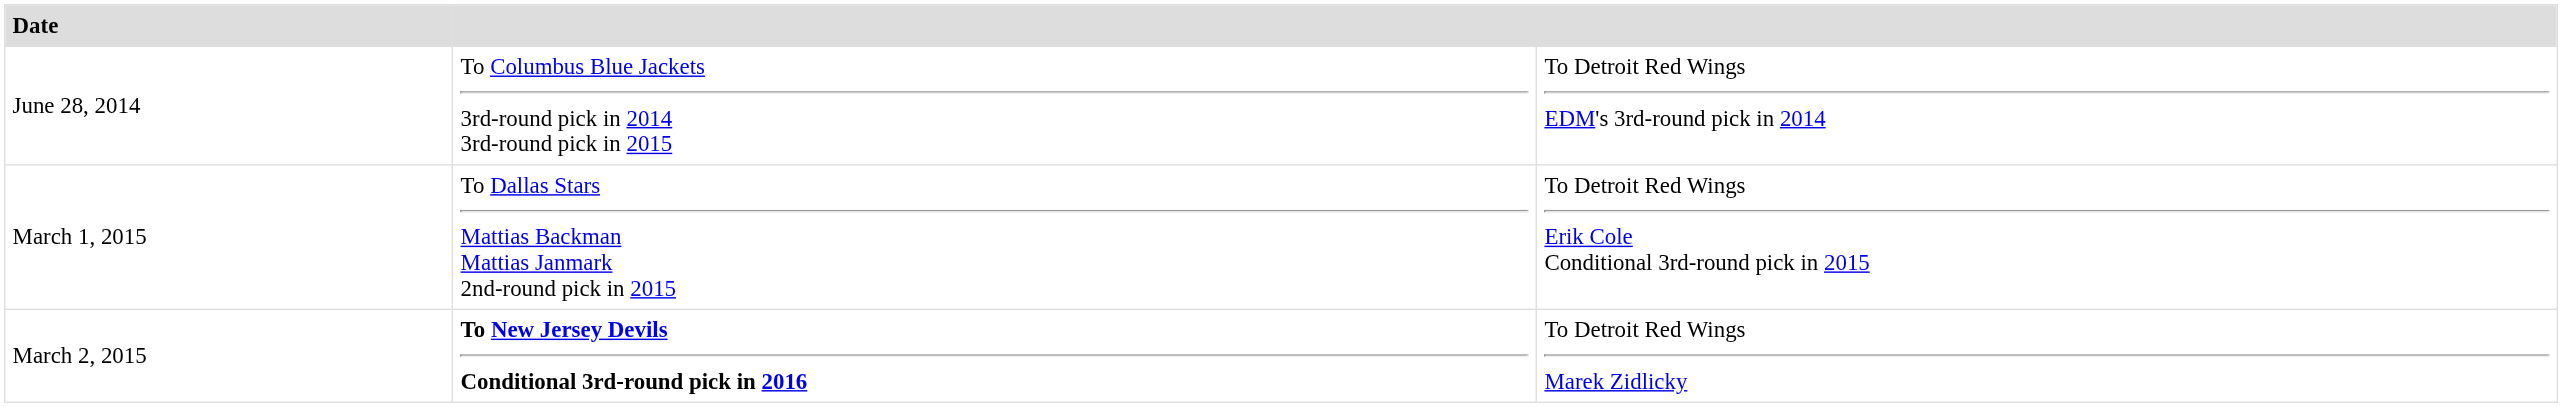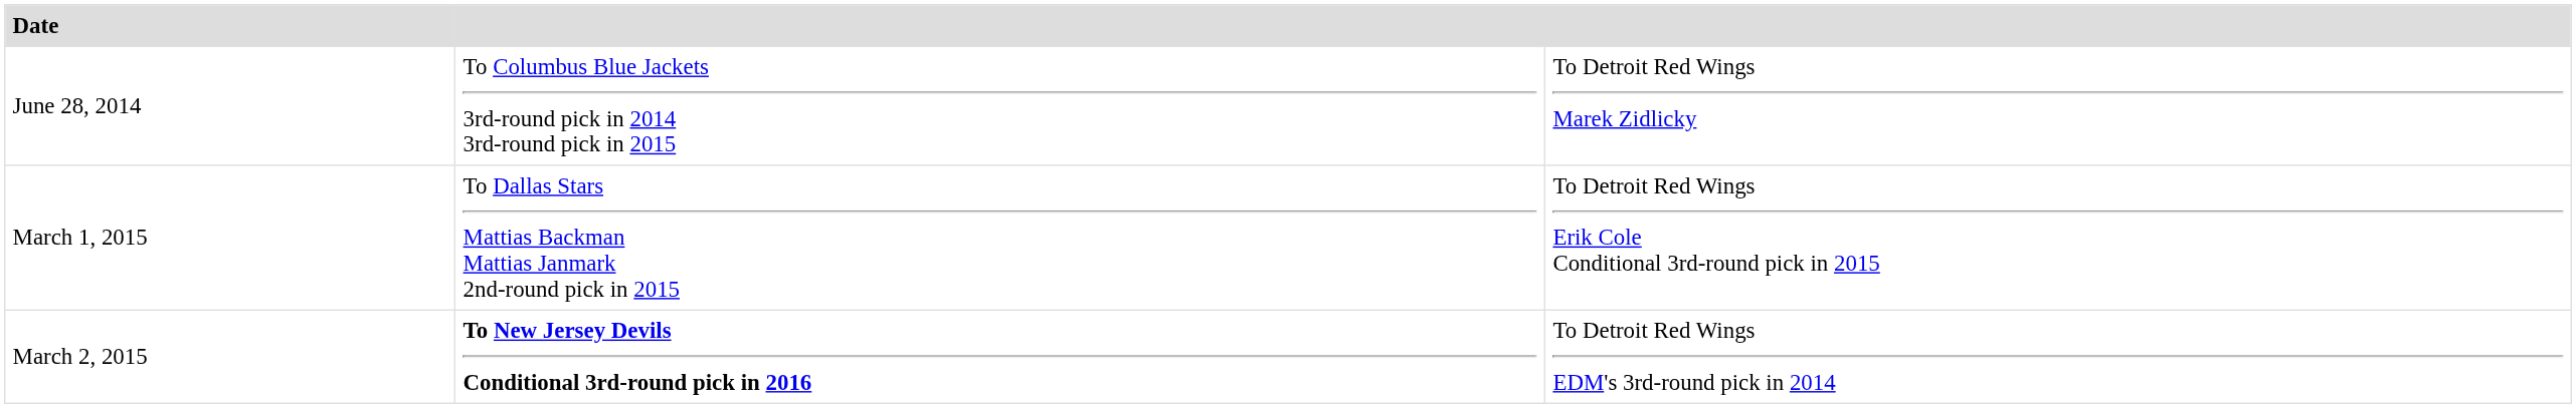 <table border=1 style="border-collapse:collapse" bordercolor="#DFDFDF" cellpadding="5" width=90%>
 <tr bgcolor="#dddddd">
 <td><strong>Date</strong></td>
 <th colspan="2"></th>
 </tr>
 <tr>
 <td>June 28, 2014</td>
 <td valign="top">To <a href='#'>Columbus Blue Jackets</a> <hr>3rd-round pick in <a href='#'>2014</a><br>3rd-round pick in <a href='#'>2015</a></td>
-<td valign="top">To Detroit Red Wings <hr><a href='#'>EDM</a>'s 3rd-round pick in <a href='#'>2014</a></td>
+<td valign="top">To Detroit Red Wings <hr><a href='#'>Marek Zidlicky</a></td>
 </tr>
 <tr>
 <td>March 1, 2015</td>
 <td valign="top">To <a href='#'>Dallas Stars</a> <hr><a href='#'>Mattias Backman</a><br><a href='#'>Mattias Janmark</a><br>2nd-round pick in <a href='#'>2015</a></td>
 <td valign="top">To Detroit Red Wings <hr><a href='#'>Erik Cole</a><br>Conditional 3rd-round pick in <a href='#'>2015</a></td>
 </tr>
 <tr>
 <td>March 2, 2015</td>
 <td valign="top"><strong>To <a href='#'>New Jersey Devils</a> <hr>Conditional 3rd-round pick in <a href='#'>2016</a></strong></td>
-<td valign="top">To Detroit Red Wings <hr><a href='#'>Marek Zidlicky</a></td>
+<td valign="top">To Detroit Red Wings <hr><a href='#'>EDM</a>'s 3rd-round pick in <a href='#'>2014</a></td>
 </tr>
 </table>
